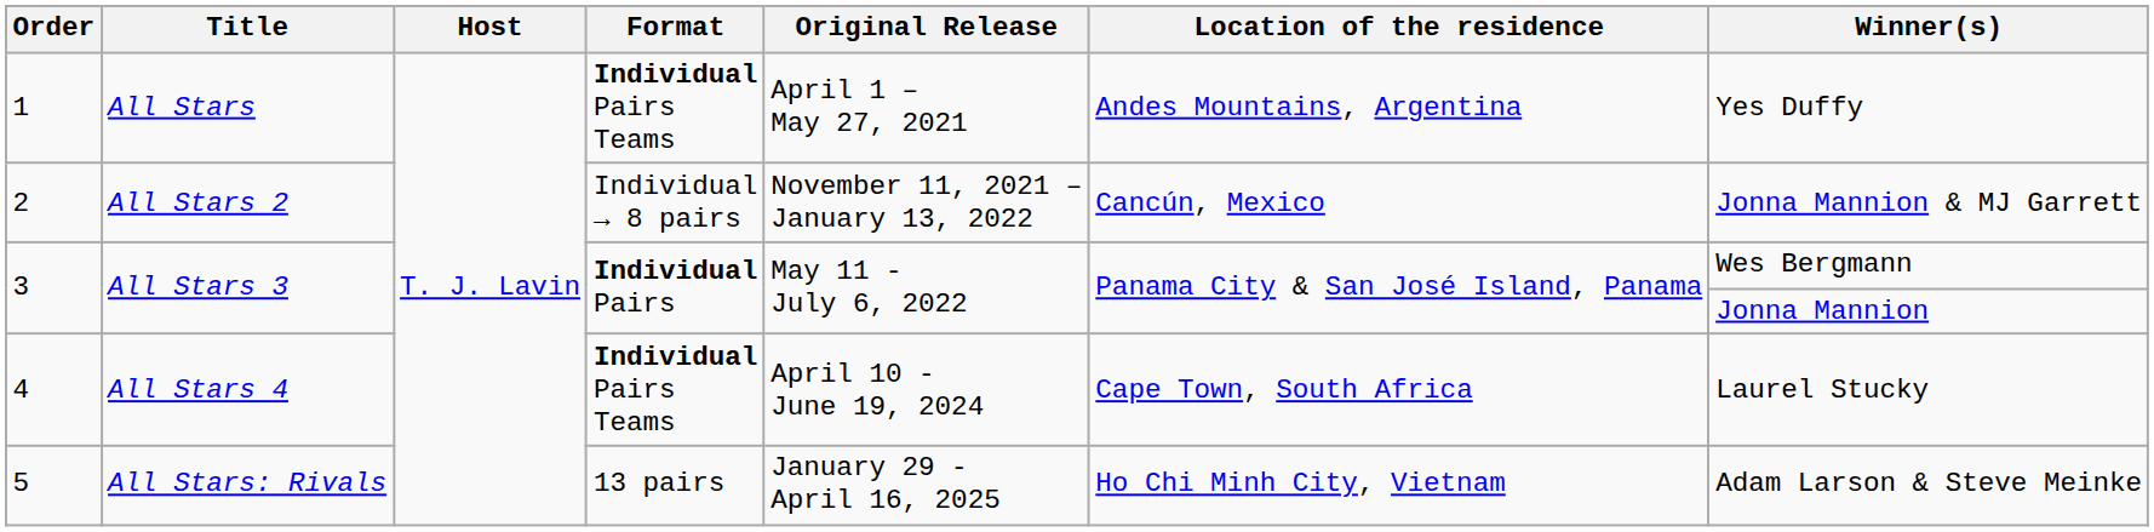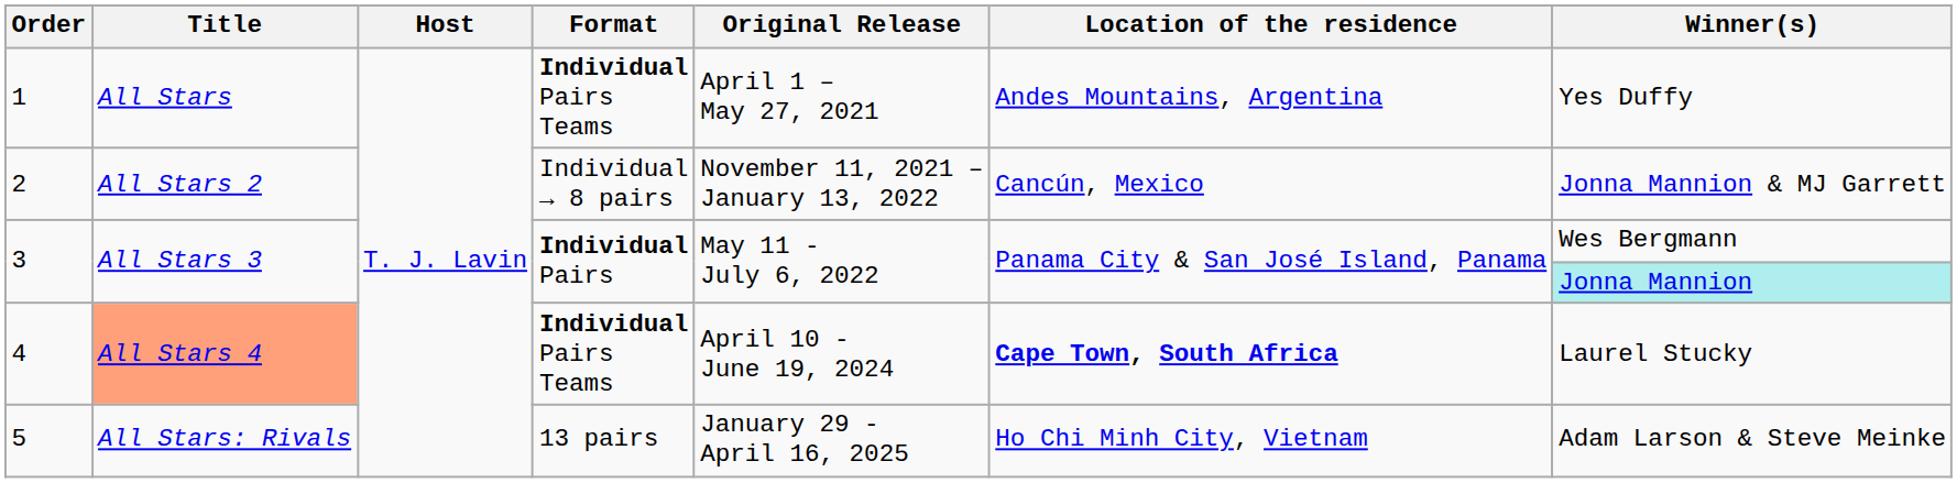 <table class="wikitable" style="font-size:90%">
 <tr>
 <th>Order</th>
 <th>Title</th>
 <th>Host</th>
 <th>Format</th>
 <th>Original Release</th>
 <th>Location of the residence</th>
 <th>Winner(s)</th>
 </tr>
 <tr>
 <td>1</td>
 <td><em><a href='#'>All Stars</a></em></td>
 <td rowspan="6"><a href='#'>T. J. Lavin</a></td>
 <td><strong>Individual</strong><br>Pairs<br>Teams</td>
 <td>April 1 –<br>May 27, 2021</td>
 <td><a href='#'>Andes Mountains</a>, <a href='#'>Argentina</a></td>
 <td> Yes Duffy</td>
 </tr>
 <tr>
 <td>2</td>
 <td><em><a href='#'>All Stars 2</a></em></td>
 <td>Individual<br>→ 8 pairs</td>
 <td>November 11, 2021 –<br>January 13, 2022</td>
 <td><a href='#'>Cancún</a>, <a href='#'>Mexico</a></td>
 <td> <a href='#'>Jonna Mannion</a> & MJ Garrett</td>
 </tr>
 <tr>
 <td rowspan="2">3</td>
 <td rowspan="2"><em><a href='#'>All Stars 3</a></em></td>
 <td rowspan="2"><strong>Individual</strong><br>Pairs</td>
 <td rowspan="2">May 11 -<br>July 6, 2022</td>
 <td rowspan="2"><a href='#'>Panama City</a> & <a href='#'>San José Island</a>, <a href='#'>Panama</a></td>
 <td> Wes Bergmann</td>
 </tr>
 <tr>
-<td> <a href='#'>Jonna Mannion</a></td>
+<td style="background: paleturquoise;"> <a href='#'>Jonna Mannion</a></td>
 </tr>
 <tr>
 <td>4</td>
-<td><em><a href='#'>All Stars 4</a></em></td>
+<td style="background: lightsalmon;"><em><a href='#'>All Stars 4</a></em></td>
 <td><strong>Individual</strong><br>Pairs<br>Teams</td>
 <td>April 10 -<br>June 19, 2024</td>
-<td><a href='#'>Cape Town</a>, <a href='#'>South Africa</a></td>
+<td><strong><a href='#'>Cape Town</a>, <a href='#'>South Africa</a></strong></td>
 <td> Laurel Stucky</td>
 </tr>
 <tr>
 <td>5</td>
 <td><em><a href='#'>All Stars: Rivals</a></em></td>
 <td>13 pairs</td>
 <td>January 29 -<br>April 16, 2025</td>
 <td><a href='#'>Ho Chi Minh City</a>, <a href='#'>Vietnam</a></td>
 <td> Adam Larson & Steve Meinke</td>
 </tr>
 </table>
